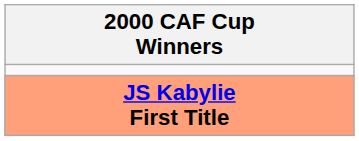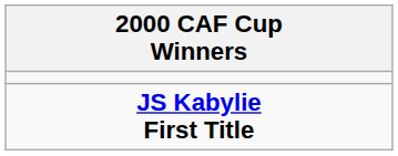 <table class="wikitable" style="text-align: center; margin: 0 auto; width: 20%">
 <tr>
 <th>2000 CAF Cup<br>Winners</th>
 </tr>
 <tr>
 <td></td>
 </tr>
 <tr>
-<td style="background: lightsalmon;"><strong><a href='#'>JS Kabylie</a></strong><br><strong>First Title</strong></td>
+<td><strong><a href='#'>JS Kabylie</a></strong><br><strong>First Title</strong></td>
 </tr>
 </table>
